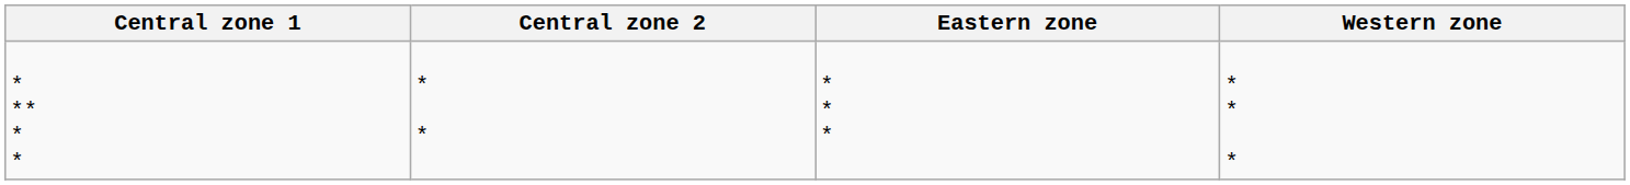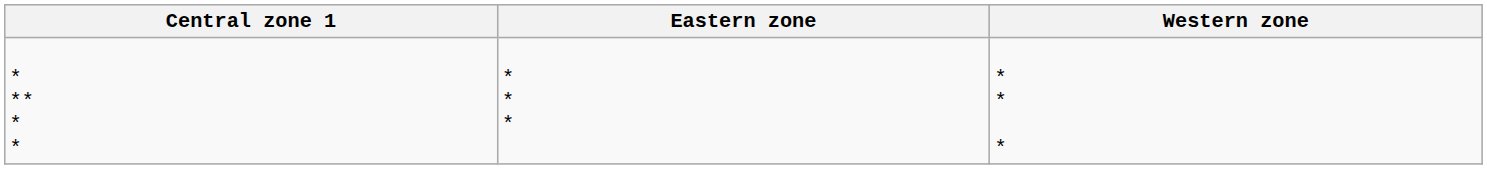 <table class="wikitable" width=75%>
 <tr>
 <th width=25%>Central zone 1</th>
-<th width=25%>Central zone 2</th>
 <th width=25%>Eastern zone</th>
 <th width=25%>Western zone</th>
 </tr>
 <tr>
 <td valign=top><br><s></s> *<br>  **<br> <s></s> *<br> <s></s> *</td>
-<td valign=top><br><s></s> *<br> <br> <s></s> *<br> <br> </td>
 <td valign=top><br><s></s> *<br> <s></s> *<br> <s></s> *<br> </td>
 <td valign=top><br><s></s> *<br> <s></s> *<br> <br> <s></s> *</td>
 </tr>
 </table>
